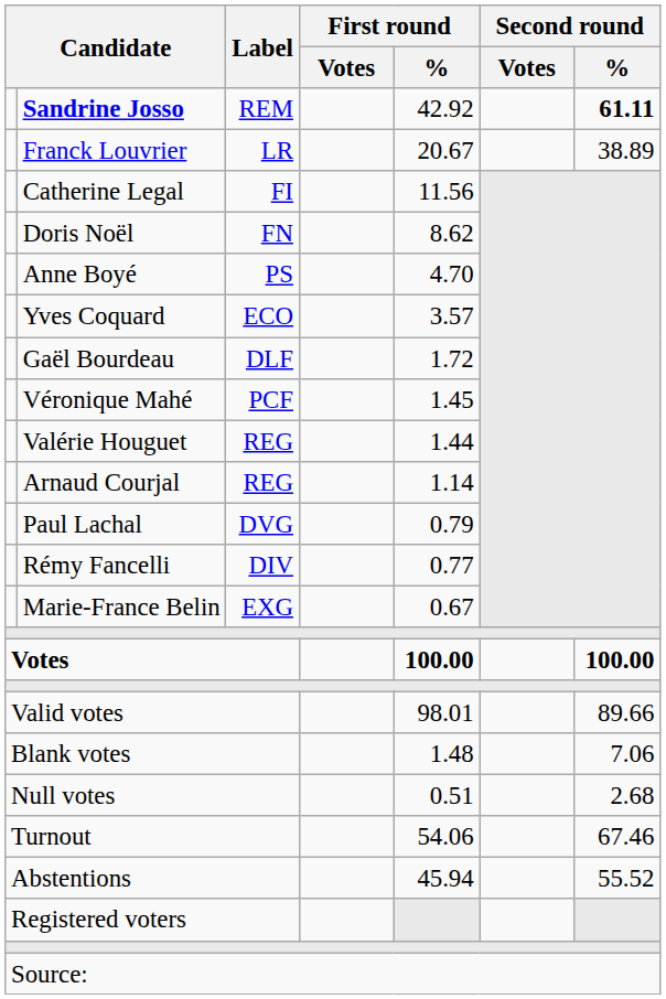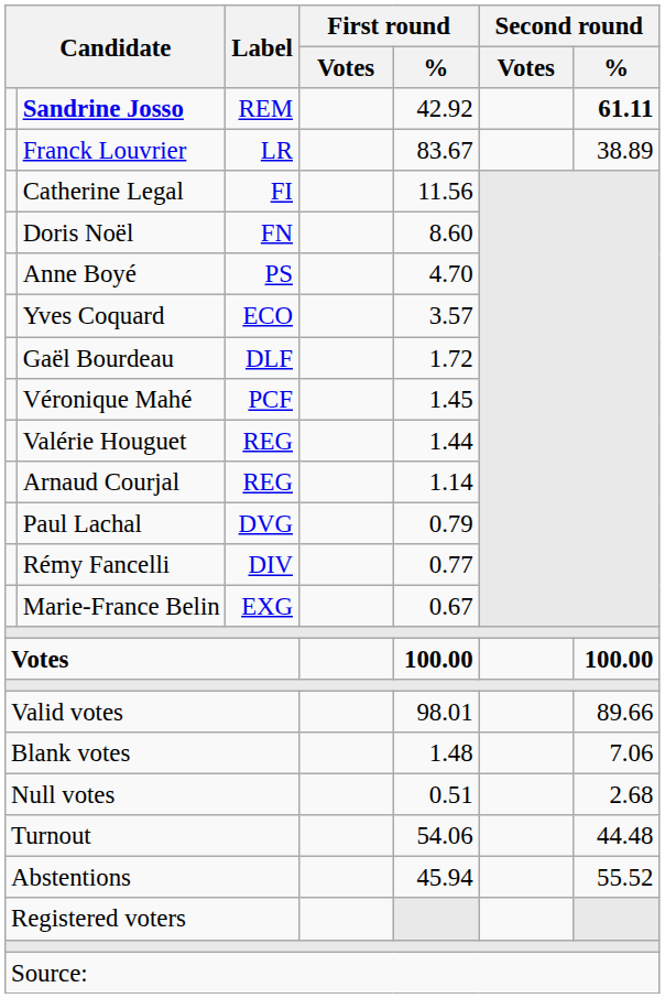 <table class="wikitable" style="text-align:right;font-size:95%;">
 <tr>
 <th rowspan="2" colspan="2">Candidate</th>
 <th rowspan="2">Label</th>
 <th colspan="2">First round</th>
 <th colspan="2">Second round</th>
 </tr>
 <tr>
 <th style="width:50px;">Votes</th>
 <th style="width:45px;">%</th>
 <th style="width:50px;">Votes</th>
 <th style="width:45px;">%</th>
 </tr>
 <tr>
 <td style="color:inherit;background:"></td>
 <td style="text-align:left;"><strong><a href='#'>Sandrine Josso</a></strong></td>
 <td><a href='#'>REM</a></td>
 <td></td>
 <td>42.92</td>
 <td><strong></strong></td>
 <td><strong>61.11</strong></td>
 </tr>
 <tr>
 <td style="color:inherit;background:"></td>
 <td style="text-align:left;"><a href='#'>Franck Louvrier</a></td>
 <td><a href='#'>LR</a></td>
 <td></td>
-<td>20.67</td>
+<td>83.67</td>
 <td></td>
 <td>38.89</td>
 </tr>
 <tr>
 <td style="color:inherit;background:"></td>
 <td style="text-align:left;">Catherine Legal</td>
 <td><a href='#'>FI</a></td>
 <td></td>
 <td>11.56</td>
 <td colspan="2" rowspan="11" style="background:#E9E9E9;"></td>
 </tr>
 <tr>
 <td style="color:inherit;background:"></td>
 <td style="text-align:left;">Doris Noël</td>
 <td><a href='#'>FN</a></td>
 <td></td>
-<td>8.62</td>
+<td>8.60</td>
 </tr>
 <tr>
 <td style="color:inherit;background:"></td>
 <td style="text-align:left;">Anne Boyé</td>
 <td><a href='#'>PS</a></td>
 <td></td>
 <td>4.70</td>
 </tr>
 <tr>
 <td style="color:inherit;background:"></td>
 <td style="text-align:left;">Yves Coquard</td>
 <td><a href='#'>ECO</a></td>
 <td></td>
 <td>3.57</td>
 </tr>
 <tr>
 <td style="color:inherit;background:"></td>
 <td style="text-align:left;">Gaël Bourdeau</td>
 <td><a href='#'>DLF</a></td>
 <td></td>
 <td>1.72</td>
 </tr>
 <tr>
 <td style="color:inherit;background:"></td>
 <td style="text-align:left;">Véronique Mahé</td>
 <td><a href='#'>PCF</a></td>
 <td></td>
 <td>1.45</td>
 </tr>
 <tr>
 <td style="color:inherit;background:"></td>
 <td style="text-align:left;">Valérie Houguet</td>
 <td><a href='#'>REG</a></td>
 <td></td>
 <td>1.44</td>
 </tr>
 <tr>
 <td style="color:inherit;background:"></td>
 <td style="text-align:left;">Arnaud Courjal</td>
 <td><a href='#'>REG</a></td>
 <td></td>
 <td>1.14</td>
 </tr>
 <tr>
 <td style="color:inherit;background:"></td>
 <td style="text-align:left;">Paul Lachal</td>
 <td><a href='#'>DVG</a></td>
 <td></td>
 <td>0.79</td>
 </tr>
 <tr>
 <td style="color:inherit;background:"></td>
 <td style="text-align:left;">Rémy Fancelli</td>
 <td><a href='#'>DIV</a></td>
 <td></td>
 <td>0.77</td>
 </tr>
 <tr>
 <td style="color:inherit;background:"></td>
 <td style="text-align:left;">Marie-France Belin</td>
 <td><a href='#'>EXG</a></td>
 <td></td>
 <td>0.67</td>
 </tr>
 <tr>
 <td colspan="7" style="background:#E9E9E9;"></td>
 </tr>
 <tr style="font-weight:bold;">
 <td colspan="3" style="text-align:left;">Votes</td>
 <td></td>
 <td>100.00</td>
 <td></td>
 <td>100.00</td>
 </tr>
 <tr>
 <td colspan="7" style="background:#E9E9E9;"></td>
 </tr>
 <tr>
 <td colspan="3" style="text-align:left;">Valid votes</td>
 <td></td>
 <td>98.01</td>
 <td></td>
 <td>89.66</td>
 </tr>
 <tr>
 <td colspan="3" style="text-align:left;">Blank votes</td>
 <td></td>
 <td>1.48</td>
 <td></td>
 <td>7.06</td>
 </tr>
 <tr>
 <td colspan="3" style="text-align:left;">Null votes</td>
 <td></td>
 <td>0.51</td>
 <td></td>
 <td>2.68</td>
 </tr>
 <tr>
 <td colspan="3" style="text-align:left;">Turnout</td>
 <td></td>
 <td>54.06</td>
 <td></td>
-<td>67.46</td>
+<td>44.48</td>
 </tr>
 <tr>
 <td colspan="3" style="text-align:left;">Abstentions</td>
 <td></td>
 <td>45.94</td>
 <td></td>
 <td>55.52</td>
 </tr>
 <tr>
 <td colspan="3" style="text-align:left;">Registered voters</td>
 <td></td>
 <td style="color:inherit;background:#E9E9E9;"></td>
 <td></td>
 <td style="color:inherit;background:#E9E9E9;"></td>
 </tr>
 <tr>
 <td colspan="7" style="background:#E9E9E9;"></td>
 </tr>
 <tr>
 <td colspan="7" style="text-align:left;">Source: </td>
 </tr>
 </table>
